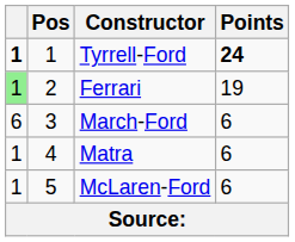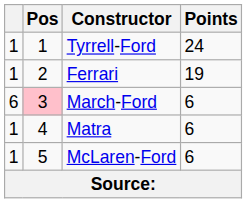 <table class="wikitable" style="font-size: 95%;">
 <tr>
 <th></th>
 <th>Pos</th>
 <th>Constructor</th>
 <th>Points</th>
 </tr>
 <tr>
-<td align="left"><strong> 1</strong></td>
+<td align="left"> 1</td>
 <td align="center">1</td>
 <td> <a href='#'>Tyrrell</a>-<a href='#'>Ford</a></td>
-<td align="left"><strong>24</strong></td>
+<td align="left">24</td>
 </tr>
 <tr>
-<td align="left" style="background: lightgreen;"> 1</td>
+<td align="left"> 1</td>
 <td align="center">2</td>
 <td> <a href='#'>Ferrari</a></td>
 <td align="left">19</td>
 </tr>
 <tr>
 <td align="left"> 6</td>
-<td align="center">3</td>
+<td align="center" style="background: pink;">3</td>
 <td> <a href='#'>March</a>-<a href='#'>Ford</a></td>
 <td align="left">6</td>
 </tr>
 <tr>
 <td align="left"> 1</td>
 <td align="center">4</td>
 <td> <a href='#'>Matra</a></td>
 <td align="left">6</td>
 </tr>
 <tr>
 <td align="left"> 1</td>
 <td align="center">5</td>
 <td> <a href='#'>McLaren</a>-<a href='#'>Ford</a></td>
 <td align="left">6</td>
 </tr>
 <tr>
 <th colspan=4>Source:</th>
 </tr>
 </table>
